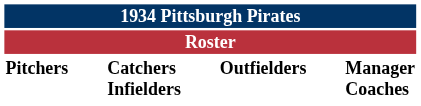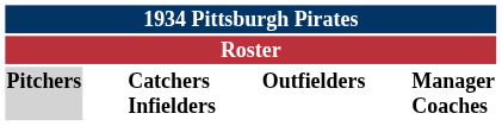 <table class="toccolours" style="font-size: 95%;">
 <tr>
 <th colspan="10" style="background-color: #023465; color: white; text-align: center;">1934 Pittsburgh Pirates</th>
 </tr>
 <tr>
 <td colspan="10" style="background-color: #ba313c; color: white; text-align: center;"><strong>Roster</strong></td>
 </tr>
 <tr>
-<td valign="top"><strong>Pitchers</strong><br>             </td>
+<td valign="top" style="background: lightgrey;"><strong>Pitchers</strong><br>             </td>
 <td width="25px"></td>
 <td valign="top"><strong>Catchers</strong><br>    <strong>Infielders</strong>       </td>
 <td width="25px"></td>
 <td valign="top"><strong>Outfielders</strong><br>    </td>
 <td width="25px"></td>
 <td valign="top"><strong>Manager</strong><br>  <strong>Coaches</strong>  </td>
 </tr>
 </table>
